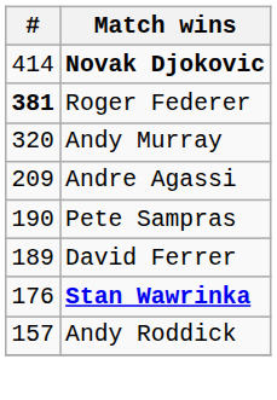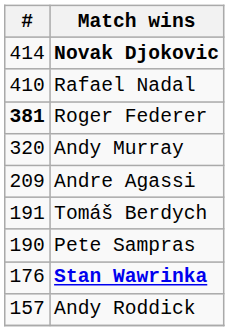 <table class="wikitable" style="display:inline-table;">
 <tr>
 <th width=20>#</th>
 <th>Match wins</th>
 </tr>
 <tr>
 <td>414</td>
 <td> <strong>Novak Djokovic</strong></td>
+</tr>
+<tr>
+<td>410</td>
+<td> Rafael Nadal</td>
 </tr>
 <tr>
 <td><strong>381</strong></td>
 <td> Roger Federer</td>
 </tr>
 <tr>
 <td>320</td>
 <td> Andy Murray</td>
 </tr>
 <tr>
 <td>209</td>
 <td> Andre Agassi</td>
 </tr>
 <tr>
+<td>191</td>
+<td> Tomáš Berdych</td>
+</tr>
+<tr>
 <td>190</td>
 <td> Pete Sampras</td>
-</tr>
-<tr>
-<td>189</td>
-<td> David Ferrer</td>
 </tr>
 <tr>
 <td>176</td>
 <td> <strong><a href='#'>Stan Wawrinka</a></strong></td>
 </tr>
 <tr>
 <td>157</td>
 <td> Andy Roddick</td>
 </tr>
 <tr>
 </tr>
 </table>
